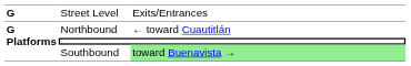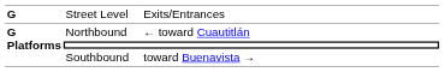 <table border=0 cellspacing=0 cellpadding=3>
 <tr>
 <td style="border-top:solid 1px gray;" width=50 valign=top><strong>G</strong></td>
 <td style="border-top:solid 1px gray;" width=100 valign=top>Street Level</td>
 <td style="border-top:solid 1px gray;" width=400 valign=top>Exits/Entrances</td>
 </tr>
 <tr>
 <td style="border-bottom:solid 1px gray;border-top:solid 1px gray;" width=50 rowspan=3 valign=top><strong>G<br>Platforms</strong></td>
 <td style="border-top:solid 1px gray;" width=100>Northbound</td>
 <td style="border-top:solid 1px gray;" width=390>←   toward <a href='#'>Cuautitlán</a> </td>
 </tr>
 <tr>
 <td style="border-top:solid 2px black;border-right:solid 2px black;border-left:solid 2px black;border-bottom:solid 2px black;text-align:center;" colspan=2></td>
 </tr>
 <tr>
 <td style="border-bottom:solid 1px gray;">Southbound</td>
-<td style="background: lightgreen; border-bottom:solid 1px gray;">   toward <a href='#'>Buenavista</a> →</td>
+<td style="border-bottom:solid 1px gray;">   toward <a href='#'>Buenavista</a> →</td>
 </tr>
 </table>
